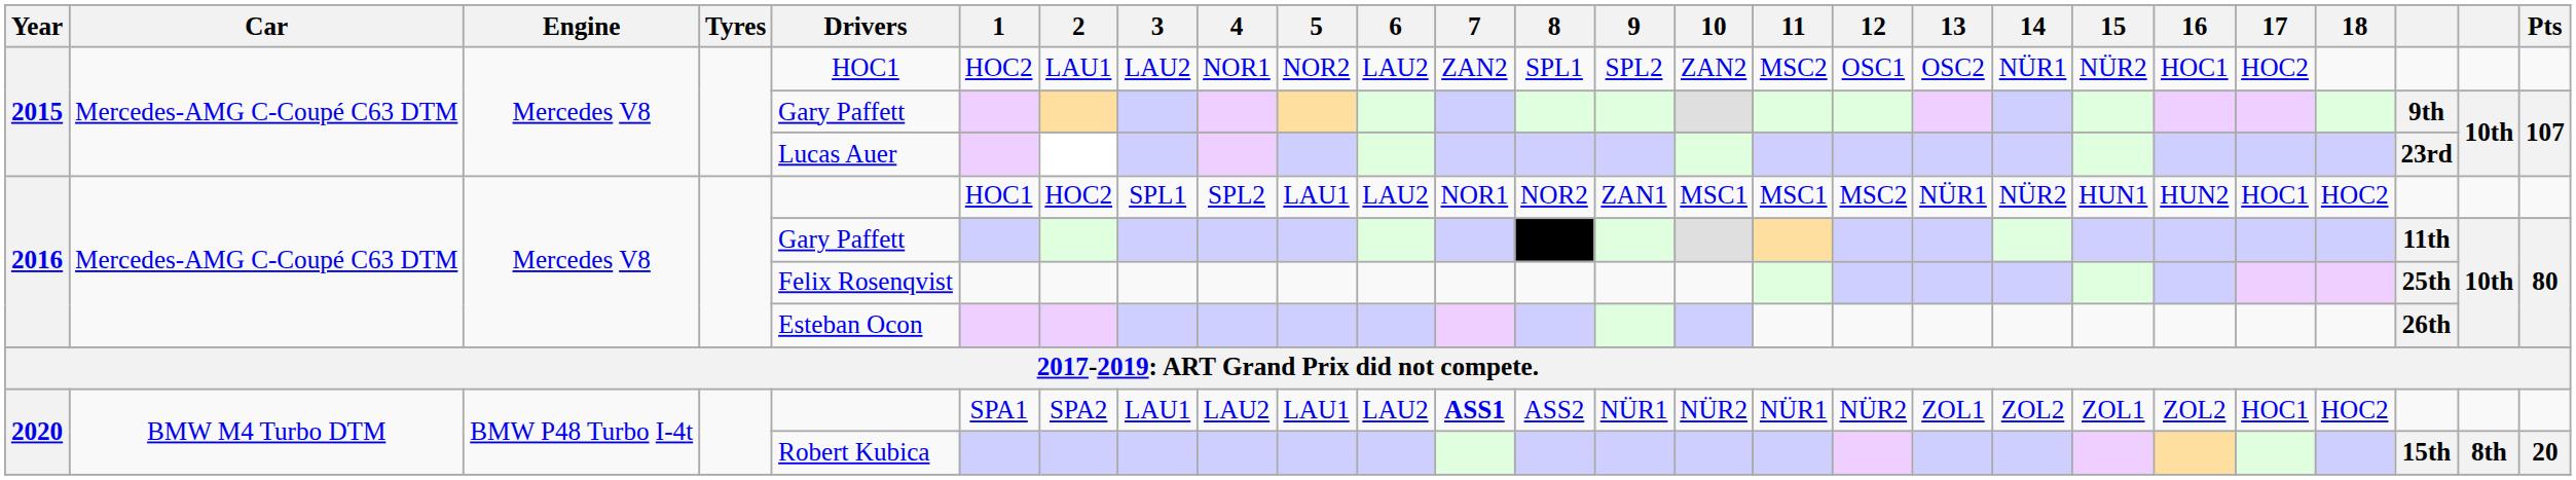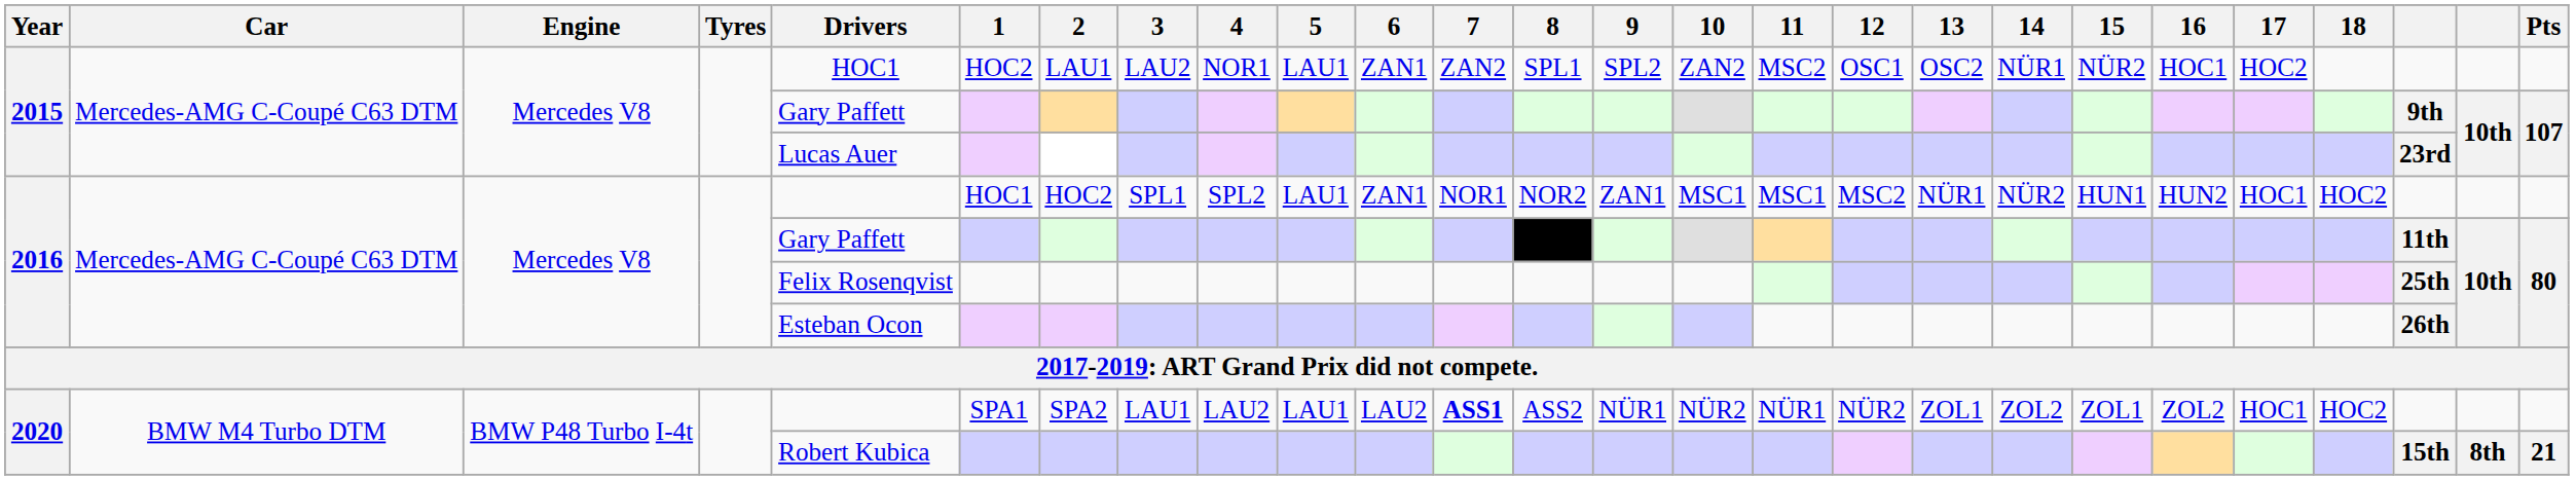 <table class="wikitable" style="text-align:center; font-size:85%">
 <tr>
 <th>Year</th>
 <th>Car</th>
 <th>Engine</th>
 <th>Tyres</th>
 <th>Drivers</th>
 <th>1</th>
 <th>2</th>
 <th>3</th>
 <th>4</th>
 <th>5</th>
 <th>6</th>
 <th>7</th>
 <th>8</th>
 <th>9</th>
 <th>10</th>
 <th>11</th>
 <th>12</th>
 <th>13</th>
 <th>14</th>
 <th>15</th>
 <th>16</th>
 <th>17</th>
 <th>18</th>
 <th></th>
 <th></th>
 <th>Pts</th>
 </tr>
 <tr>
 <th rowspan=3><a href='#'>2015</a></th>
 <td rowspan=3><a href='#'>Mercedes-AMG C-Coupé C63 DTM</a></td>
 <td rowspan=3><a href='#'>Mercedes</a> <a href='#'>V8</a></td>
 <td rowspan=3></td>
 <td><a href='#'>HOC1</a></td>
 <td><a href='#'>HOC2</a></td>
 <td><a href='#'>LAU1</a></td>
 <td><a href='#'>LAU2</a></td>
 <td><a href='#'>NOR1</a></td>
-<td><a href='#'>NOR2</a></td>
-<td><a href='#'>LAU2</a></td>
+<td><a href='#'>LAU1</a></td>
+<td><a href='#'>ZAN1</a></td>
 <td><a href='#'>ZAN2</a></td>
 <td><a href='#'>SPL1</a></td>
 <td><a href='#'>SPL2</a></td>
 <td><a href='#'>ZAN2</a></td>
 <td><a href='#'>MSC2</a></td>
 <td><a href='#'>OSC1</a></td>
 <td><a href='#'>OSC2</a></td>
 <td><a href='#'>NÜR1</a></td>
 <td><a href='#'>NÜR2</a></td>
 <td><a href='#'>HOC1</a></td>
 <td><a href='#'>HOC2</a></td>
 <td></td>
 <td></td>
 <td></td>
 <td></td>
 </tr>
 <tr>
 <td align=left> <a href='#'>Gary Paffett</a></td>
 <td style="background:#EFCFFF;"></td>
 <td style="background:#FFDF9F;"></td>
 <td style="background:#CFCFFF;"></td>
 <td style="background:#EFCFFF;"></td>
 <td style="background:#FFDF9F;"></td>
 <td style="background:#DFFFDF;"></td>
 <td style="background:#CFCFFF;"></td>
 <td style="background:#DFFFDF;"></td>
 <td style="background:#DFFFDF;"></td>
 <td style="background:#DFDFDF;"></td>
 <td style="background:#DFFFDF;"></td>
 <td style="background:#DFFFDF;"></td>
 <td style="background:#EFCFFF;"></td>
 <td style="background:#CFCFFF;"></td>
 <td style="background:#DFFFDF;"></td>
 <td style="background:#EFCFFF;"></td>
 <td style="background:#EFCFFF;"></td>
 <td style="background:#DFFFDF;"></td>
 <th>9th</th>
 <th rowspan=2>10th</th>
 <th rowspan=2>107</th>
 </tr>
 <tr>
 <td align=left> <a href='#'>Lucas Auer</a></td>
 <td style="background:#EFCFFF;"></td>
 <td style="background:#FFFFFF;"></td>
 <td style="background:#CFCFFF;"></td>
 <td style="background:#EFCFFF;"></td>
 <td style="background:#CFCFFF;"></td>
 <td style="background:#DFFFDF;"></td>
 <td style="background:#CFCFFF;"></td>
 <td style="background:#CFCFFF;"></td>
 <td style="background:#CFCFFF;"></td>
 <td style="background:#DFFFDF;"></td>
 <td style="background:#CFCFFF;"></td>
 <td style="background:#CFCFFF;"></td>
 <td style="background:#CFCFFF;"></td>
 <td style="background:#CFCFFF;"></td>
 <td style="background:#DFFFDF;"></td>
 <td style="background:#CFCFFF;"></td>
 <td style="background:#CFCFFF;"></td>
 <td style="background:#CFCFFF;"></td>
 <th>23rd</th>
 </tr>
 <tr>
 <th rowspan=4><a href='#'>2016</a></th>
 <td rowspan=4><a href='#'>Mercedes-AMG C-Coupé C63 DTM</a></td>
 <td rowspan=4><a href='#'>Mercedes</a> <a href='#'>V8</a></td>
 <td rowspan=4></td>
 <td></td>
 <td><a href='#'>HOC1</a></td>
 <td><a href='#'>HOC2</a></td>
 <td><a href='#'>SPL1</a></td>
 <td><a href='#'>SPL2</a></td>
 <td><a href='#'>LAU1</a></td>
-<td><a href='#'>LAU2</a></td>
+<td><a href='#'>ZAN1</a></td>
 <td><a href='#'>NOR1</a></td>
 <td><a href='#'>NOR2</a></td>
 <td><a href='#'>ZAN1</a></td>
 <td><a href='#'>MSC1</a></td>
 <td><a href='#'>MSC1</a></td>
 <td><a href='#'>MSC2</a></td>
 <td><a href='#'>NÜR1</a></td>
 <td><a href='#'>NÜR2</a></td>
 <td><a href='#'>HUN1</a></td>
 <td><a href='#'>HUN2</a></td>
 <td><a href='#'>HOC1</a></td>
 <td><a href='#'>HOC2</a></td>
 <td></td>
 <td></td>
 <td></td>
 </tr>
 <tr>
 <td align=left> <a href='#'>Gary Paffett</a></td>
 <td style="background:#CFCFFF;"></td>
 <td style="background:#DFFFDF;"></td>
 <td style="background:#CFCFFF;"></td>
 <td style="background:#CFCFFF;"></td>
 <td style="background:#CFCFFF;"></td>
 <td style="background:#DFFFDF;"></td>
 <td style="background:#CFCFFF;"></td>
 <td style="background:#000000; color:white;"></td>
 <td style="background:#DFFFDF;"></td>
 <td style="background:#DFDFDF;"></td>
 <td style="background:#FFDF9F;"></td>
 <td style="background:#CFCFFF;"></td>
 <td style="background:#CFCFFF;"></td>
 <td style="background:#DFFFDF;"></td>
 <td style="background:#CFCFFF;"></td>
 <td style="background:#CFCFFF;"></td>
 <td style="background:#CFCFFF;"></td>
 <td style="background:#CFCFFF;"></td>
 <th>11th</th>
 <th rowspan=3>10th</th>
 <th rowspan=3>80</th>
 </tr>
 <tr>
 <td align="left"> <a href='#'>Felix Rosenqvist</a></td>
 <td></td>
 <td></td>
 <td></td>
 <td></td>
 <td></td>
 <td></td>
 <td></td>
 <td></td>
 <td></td>
 <td></td>
 <td style="background:#DFFFDF;"></td>
 <td style="background:#CFCFFF;"></td>
 <td style="background:#CFCFFF;"></td>
 <td style="background:#CFCFFF;"></td>
 <td style="background:#DFFFDF;"></td>
 <td style="background:#CFCFFF;"></td>
 <td style="background:#EFCFFF;"></td>
 <td style="background:#EFCFFF;"></td>
 <th>25th</th>
 </tr>
 <tr>
 <td align=left> <a href='#'>Esteban Ocon</a></td>
 <td style="background:#EFCFFF;"></td>
 <td style="background:#EFCFFF;"></td>
 <td style="background:#CFCFFF;"></td>
 <td style="background:#CFCFFF;"></td>
 <td style="background:#CFCFFF;"></td>
 <td style="background:#CFCFFF;"></td>
 <td style="background:#EFCFFF;"></td>
 <td style="background:#CFCFFF;"></td>
 <td style="background:#DFFFDF;"></td>
 <td style="background:#CFCFFF;"></td>
 <td></td>
 <td></td>
 <td></td>
 <td></td>
 <td></td>
 <td></td>
 <td></td>
 <td></td>
 <th>26th</th>
 </tr>
 <tr>
 <th colspan="26"><a href='#'>2017</a>-<a href='#'>2019</a>: ART Grand Prix did not compete.</th>
 </tr>
 <tr>
 <th rowspan=2><a href='#'>2020</a></th>
 <td rowspan=2><a href='#'>BMW M4 Turbo DTM</a></td>
 <td rowspan=2><a href='#'>BMW P48 Turbo</a> <a href='#'>I-4</a><a href='#'>t</a></td>
 <td rowspan=2></td>
 <td></td>
 <td><a href='#'>SPA1</a></td>
 <td><a href='#'>SPA2</a></td>
 <td><a href='#'>LAU1</a></td>
 <td><a href='#'>LAU2</a></td>
 <td><a href='#'>LAU1</a></td>
 <td><a href='#'>LAU2</a></td>
 <td><strong><a href='#'>ASS1</a></strong></td>
 <td><a href='#'>ASS2</a></td>
 <td><a href='#'>NÜR1</a></td>
 <td><a href='#'>NÜR2</a></td>
 <td><a href='#'>NÜR1</a></td>
 <td><a href='#'>NÜR2</a></td>
 <td><a href='#'>ZOL1</a></td>
 <td><a href='#'>ZOL2</a></td>
 <td><a href='#'>ZOL1</a></td>
 <td><a href='#'>ZOL2</a></td>
 <td><a href='#'>HOC1</a></td>
 <td><a href='#'>HOC2</a></td>
 <td></td>
 <td></td>
 <td></td>
 </tr>
 <tr>
 <td align=left> <a href='#'>Robert Kubica</a></td>
 <td style="background:#CFCFFF;"></td>
 <td style="background:#CFCFFF;"></td>
 <td style="background:#CFCFFF;"></td>
 <td style="background:#CFCFFF;"></td>
 <td style="background:#CFCFFF;"></td>
 <td style="background:#CFCFFF;"></td>
 <td style="background:#DFFFDF;"></td>
 <td style="background:#CFCFFF;"></td>
 <td style="background:#CFCFFF;"></td>
 <td style="background:#CFCFFF;"></td>
 <td style="background:#CFCFFF;"></td>
 <td style="background:#EFCFFF;"></td>
 <td style="background:#CFCFFF;"></td>
 <td style="background:#CFCFFF;"></td>
 <td style="background:#EFCFFF;"></td>
 <td style="background:#FFDF9F;"></td>
 <td style="background:#DFFFDF;"></td>
 <td style="background:#CFCFFF;"></td>
 <th>15th</th>
 <th>8th</th>
-<th>20</th>
+<th>21</th>
 </tr>
 </table>
